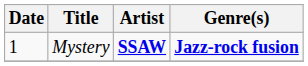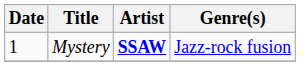 <table class="wikitable" style="text-align: left;">
 <tr>
 <th>Date</th>
 <th>Title</th>
 <th>Artist</th>
 <th>Genre(s)</th>
 </tr>
 <tr>
 <td>1</td>
 <td><em>Mystery</em></td>
 <td><strong><a href='#'>SSAW</a></strong></td>
-<td><strong><a href='#'>Jazz-rock fusion</a></strong></td>
+<td><a href='#'>Jazz-rock fusion</a></td>
 </tr>
 <tr>
 </tr>
 </table>
